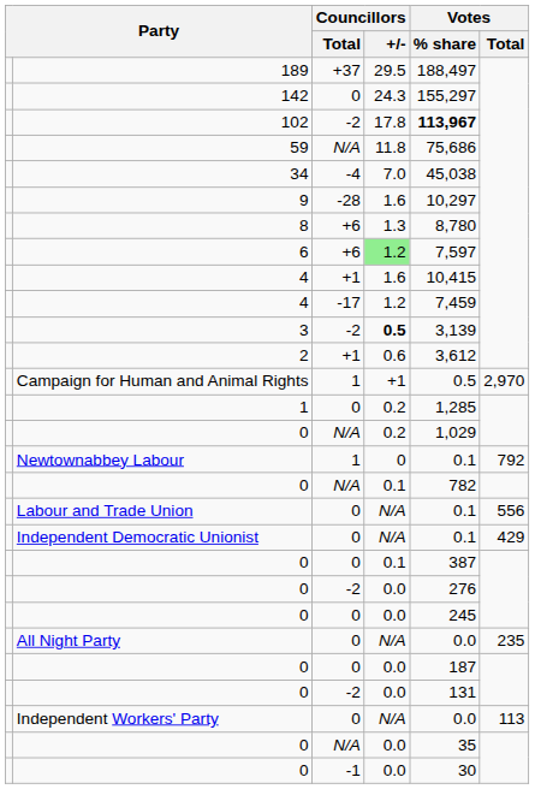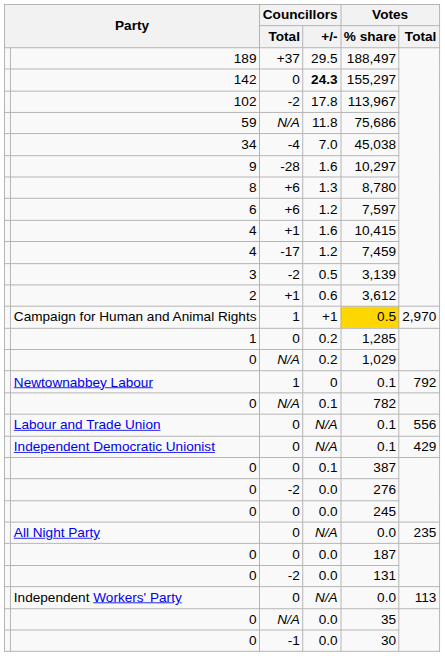 <table class="wikitable">
 <tr>
 <th colspan="2" rowspan="2">Party</th>
 <th colspan="2">Councillors</th>
 <th colspan="2">Votes</th>
 </tr>
 <tr>
 <th style="text-align: right;" valign="top">Total</th>
 <th style="text-align: right;" valign="top">+/-</th>
 <th style="text-align: right;" valign="top">% share</th>
 <th style="text-align: right;" valign="top">Total</th>
 </tr>
 <tr>
 <td></td>
 <td align="right">189</td>
 <td align="right">+37</td>
 <td align="right">29.5</td>
 <td align="right">188,497</td>
 </tr>
 <tr>
 <td></td>
 <td align="right">142</td>
 <td align="right">0</td>
-<td align="right">24.3</td>
+<td align="right"><strong>24.3</strong></td>
 <td align="right">155,297</td>
 </tr>
 <tr>
 <td></td>
 <td align="right">102</td>
 <td align="right">-2</td>
 <td align="right">17.8</td>
-<td align="right"><strong>113,967</strong></td>
+<td align="right">113,967</td>
 </tr>
 <tr>
 <td></td>
 <td align="right">59</td>
 <td align="right"><em>N/A</em></td>
 <td align="right">11.8</td>
 <td align="right">75,686</td>
 </tr>
 <tr>
 <td></td>
 <td align="right">34</td>
 <td align="right">-4</td>
 <td align="right">7.0</td>
 <td align="right">45,038</td>
 </tr>
 <tr>
 <td></td>
 <td align="right">9</td>
 <td align="right">-28</td>
 <td align="right">1.6</td>
 <td align="right">10,297</td>
 </tr>
 <tr>
 <td></td>
 <td align="right">8</td>
 <td align="right">+6</td>
 <td align="right">1.3</td>
 <td align="right">8,780</td>
 </tr>
 <tr>
 <td></td>
 <td align="right">6</td>
 <td align="right">+6</td>
-<td align="right" style="background: lightgreen;">1.2</td>
+<td align="right">1.2</td>
 <td align="right">7,597</td>
 </tr>
 <tr>
 <td></td>
 <td align="right">4</td>
 <td align="right">+1</td>
 <td align="right">1.6</td>
 <td align="right">10,415</td>
 </tr>
 <tr>
 <td></td>
 <td align="right">4</td>
 <td align="right">-17</td>
 <td align="right">1.2</td>
 <td align="right">7,459</td>
 </tr>
 <tr>
 <td></td>
 <td align="right">3</td>
 <td align="right">-2</td>
-<td align="right"><strong>0.5</strong></td>
+<td align="right">0.5</td>
 <td align="right">3,139</td>
 </tr>
 <tr>
 <td></td>
 <td align="right">2</td>
 <td align="right">+1</td>
 <td align="right">0.6</td>
 <td align="right">3,612</td>
 </tr>
 <tr>
 <td bgcolor=></td>
 <td>Campaign for Human and Animal Rights</td>
 <td align="right">1</td>
 <td align="right">+1</td>
-<td align="right">0.5</td>
+<td align="right" style="background: gold;">0.5</td>
 <td align="right">2,970</td>
 </tr>
 <tr>
 <td></td>
 <td align="right">1</td>
 <td align="right">0</td>
 <td align="right">0.2</td>
 <td align="right">1,285</td>
 </tr>
 <tr>
 <td></td>
 <td align="right">0</td>
 <td align="right"><em>N/A</em></td>
 <td align="right">0.2</td>
 <td align="right">1,029</td>
 </tr>
 <tr>
 <td></td>
 <td><a href='#'>Newtownabbey Labour</a></td>
 <td align="right">1</td>
 <td align="right">0</td>
 <td align="right">0.1</td>
 <td align="right">792</td>
 </tr>
 <tr>
 <td></td>
 <td align="right">0</td>
 <td align="right"><em>N/A</em></td>
 <td align="right">0.1</td>
 <td align="right">782</td>
 </tr>
 <tr>
 <td></td>
 <td><a href='#'>Labour and Trade Union</a></td>
 <td align="right">0</td>
 <td align="right"><em>N/A</em></td>
 <td align="right">0.1</td>
 <td align="right">556</td>
 </tr>
 <tr>
 <td></td>
 <td><a href='#'>Independent Democratic Unionist</a></td>
 <td align="right">0</td>
 <td align="right"><em>N/A</em></td>
 <td align="right">0.1</td>
 <td align="right">429</td>
 </tr>
 <tr>
 <td></td>
 <td align="right">0</td>
 <td align="right">0</td>
 <td align="right">0.1</td>
 <td align="right">387</td>
 </tr>
 <tr>
 <td></td>
 <td align="right">0</td>
 <td align="right">-2</td>
 <td align="right">0.0</td>
 <td align="right">276</td>
 </tr>
 <tr>
 <td></td>
 <td align="right">0</td>
 <td align="right">0</td>
 <td align="right">0.0</td>
 <td align="right">245</td>
 </tr>
 <tr>
 <td></td>
 <td><a href='#'>All Night Party</a></td>
 <td align="right">0</td>
 <td align="right"><em>N/A</em></td>
 <td align="right">0.0</td>
 <td align="right">235</td>
 </tr>
 <tr>
 <td></td>
 <td align="right">0</td>
 <td align="right">0</td>
 <td align="right">0.0</td>
 <td align="right">187</td>
 </tr>
 <tr>
 <td></td>
 <td align="right">0</td>
 <td align="right">-2</td>
 <td align="right">0.0</td>
 <td align="right">131</td>
 </tr>
 <tr>
 <td></td>
 <td>Independent <a href='#'>Workers' Party</a></td>
 <td align="right">0</td>
 <td align="right"><em>N/A</em></td>
 <td align="right">0.0</td>
 <td align="right">113</td>
 </tr>
 <tr>
 <td></td>
 <td align="right">0</td>
 <td align="right"><em>N/A</em></td>
 <td align="right">0.0</td>
 <td align="right">35</td>
 </tr>
 <tr>
 <td></td>
 <td align="right">0</td>
 <td align="right">-1</td>
 <td align="right">0.0</td>
 <td align="right">30</td>
 </tr>
 </table>
